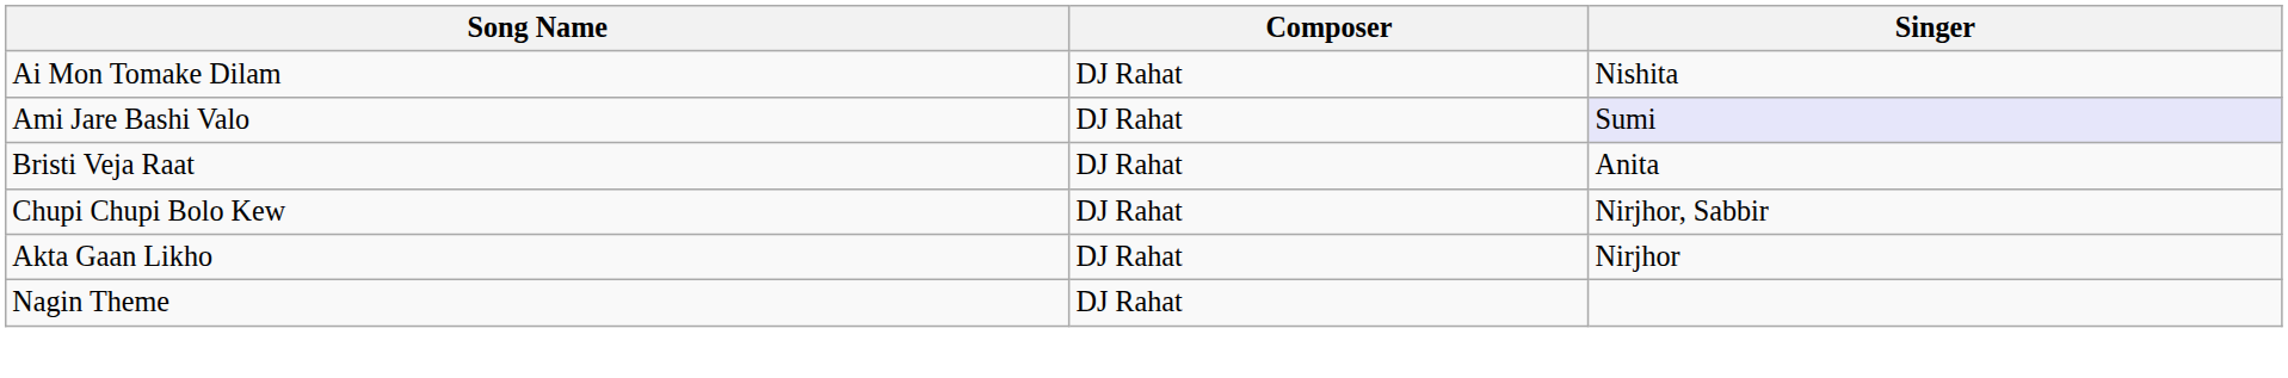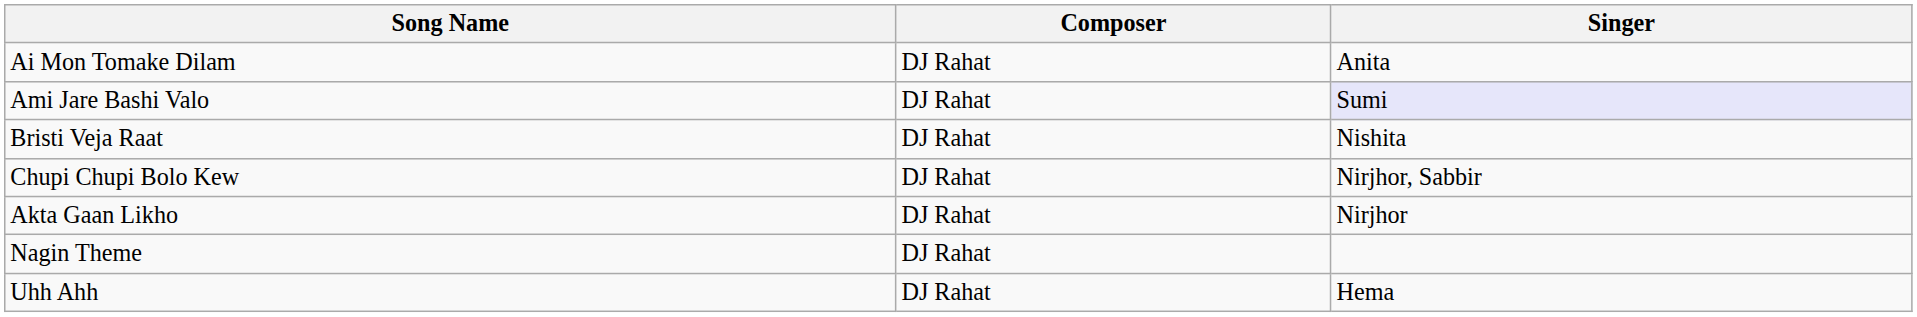 <table class="wikitable sortable collapsible" style="width: 100%;">
 <tr>
 <th style="*background:d0e5f5;">Song Name</th>
 <th style="*background:d0e5f5;">Composer</th>
 <th style="*background:d0e5f5;">Singer</th>
 </tr>
 <tr>
 <td>Ai Mon Tomake Dilam</td>
 <td>DJ Rahat</td>
-<td>Nishita</td>
+<td>Anita</td>
 </tr>
 <tr>
 <td>Ami Jare Bashi Valo</td>
 <td>DJ Rahat</td>
 <td style="background: lavender;">Sumi</td>
 </tr>
 <tr>
 <td>Bristi Veja Raat</td>
 <td>DJ Rahat</td>
-<td>Anita</td>
+<td>Nishita</td>
 </tr>
 <tr>
 <td>Chupi Chupi Bolo Kew</td>
 <td>DJ Rahat</td>
 <td>Nirjhor, Sabbir</td>
 </tr>
 <tr>
 <td>Akta Gaan Likho</td>
 <td>DJ Rahat</td>
 <td>Nirjhor</td>
 </tr>
 <tr>
 <td>Nagin Theme</td>
 <td>DJ Rahat</td>
 <td></td>
 </tr>
+<tr>
+<td>Uhh Ahh</td>
+<td>DJ Rahat</td>
+<td>Hema</td>
+</tr>
 </table>
